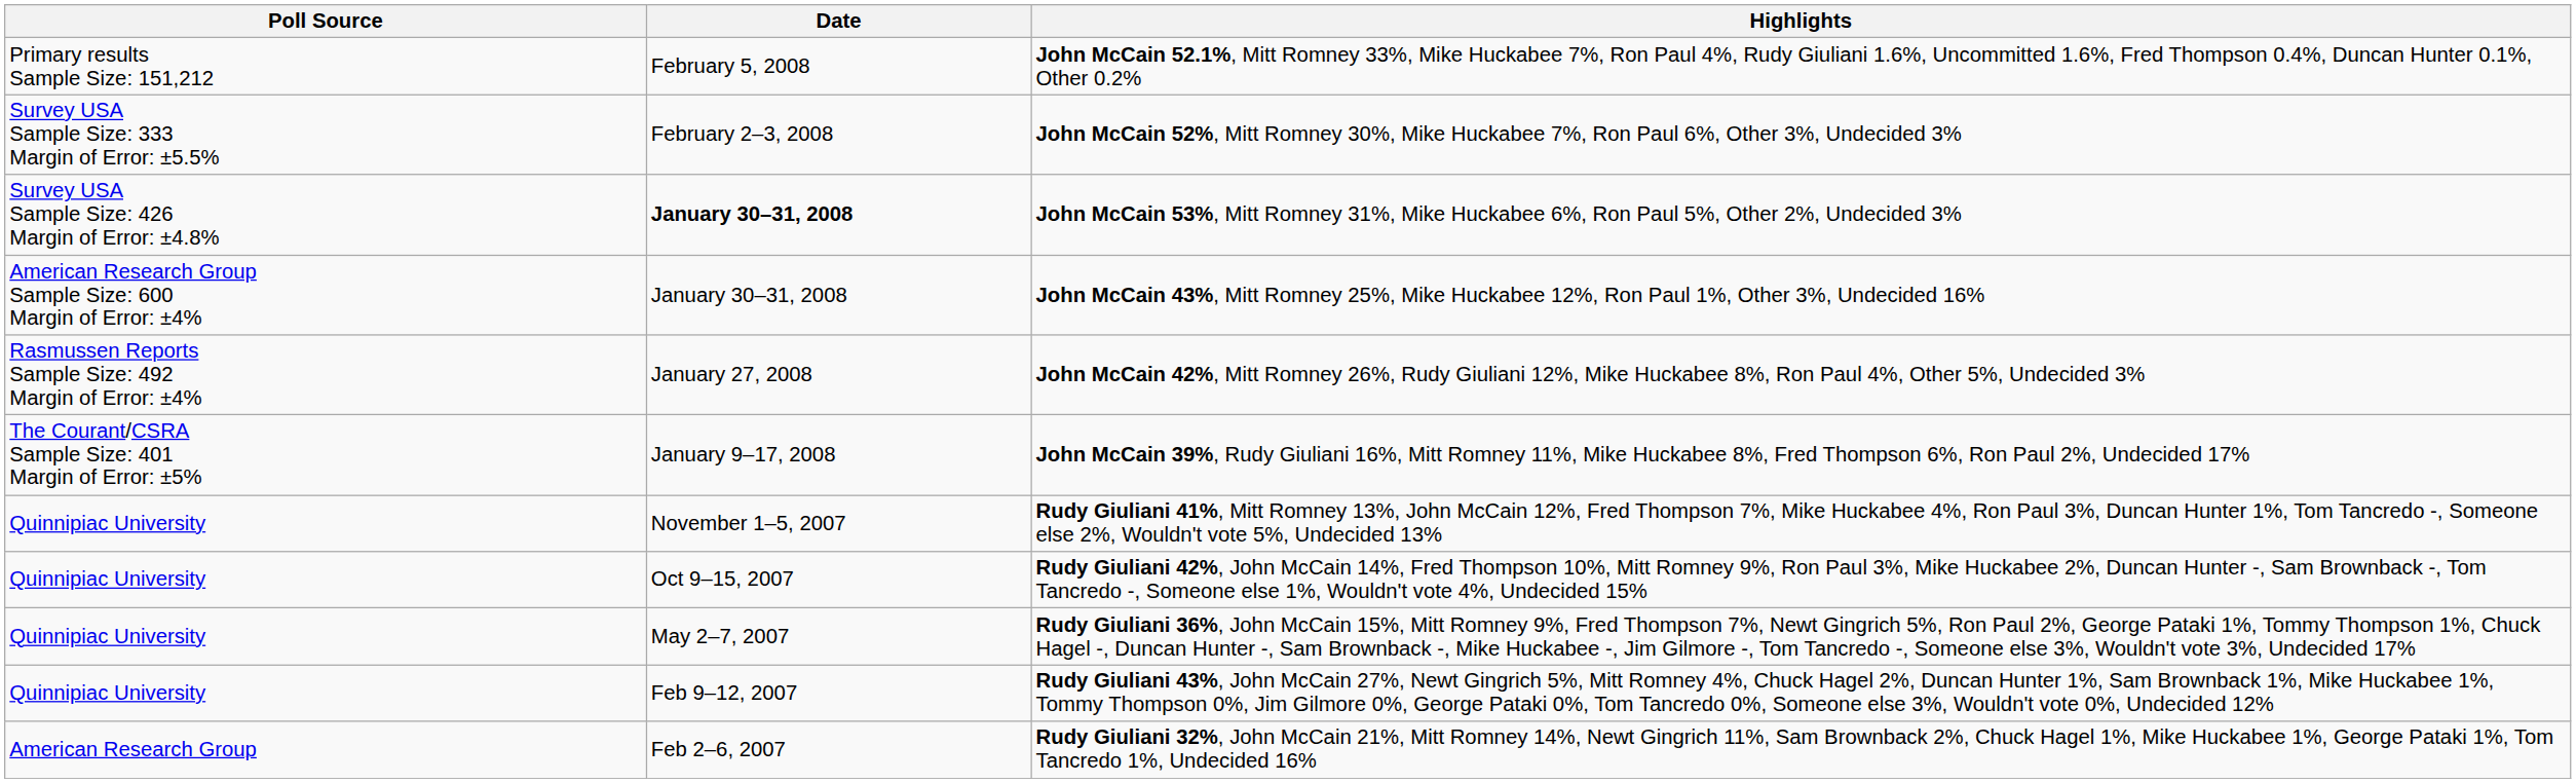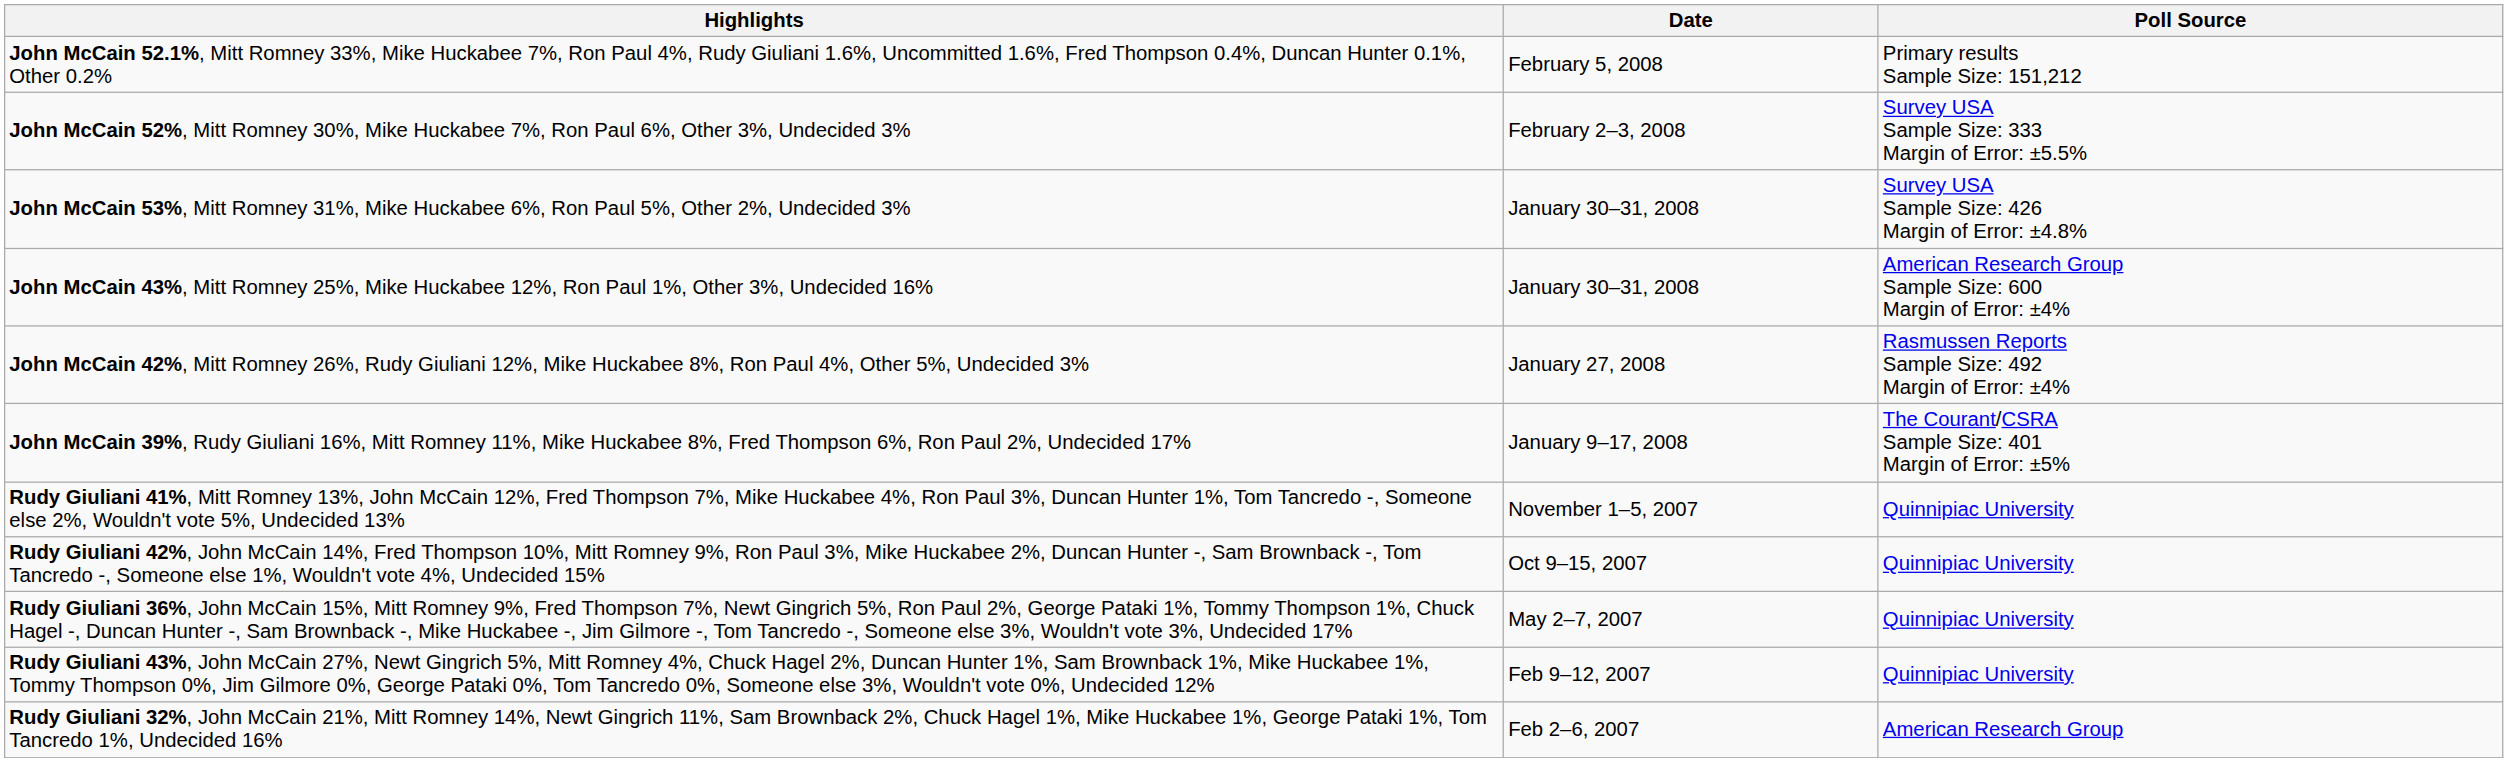 <table class="wikitable sortable">
 <tr>
+<th width="60%">Highlights</th>
+<th width="15%">Date</th>
 <th width="25%">Poll Source</th>
-<th width="15%">Date</th>
-<th width="60%">Highlights</th>
 </tr>
 <tr>
+<td><strong>John McCain 52.1%</strong>, Mitt Romney 33%, Mike Huckabee 7%, Ron Paul 4%, Rudy Giuliani 1.6%, Uncommitted 1.6%, Fred Thompson 0.4%, Duncan Hunter 0.1%, Other 0.2%</td>
+<td>February 5, 2008</td>
 <td>Primary results<br>Sample Size: 151,212</td>
-<td>February 5, 2008</td>
-<td><strong>John McCain 52.1%</strong>, Mitt Romney 33%, Mike Huckabee 7%, Ron Paul 4%, Rudy Giuliani 1.6%, Uncommitted 1.6%, Fred Thompson 0.4%, Duncan Hunter 0.1%, Other 0.2%</td>
 </tr>
 <tr>
+<td><strong>John McCain 52%</strong>, Mitt Romney 30%, Mike Huckabee 7%, Ron Paul 6%, Other 3%, Undecided 3%</td>
+<td>February 2–3, 2008</td>
 <td><a href='#'>Survey USA</a><br>Sample Size: 333<br>Margin of Error: ±5.5%</td>
-<td>February 2–3, 2008</td>
-<td><strong>John McCain 52%</strong>, Mitt Romney 30%, Mike Huckabee 7%, Ron Paul 6%, Other 3%, Undecided 3%</td>
 </tr>
 <tr>
+<td><strong>John McCain 53%</strong>, Mitt Romney 31%, Mike Huckabee 6%, Ron Paul 5%, Other 2%, Undecided 3%</td>
+<td>January 30–31, 2008</td>
 <td><a href='#'>Survey USA</a><br>Sample Size: 426<br> Margin of Error: ±4.8%</td>
-<td><strong>January 30–31, 2008</strong></td>
-<td><strong>John McCain 53%</strong>, Mitt Romney 31%, Mike Huckabee 6%, Ron Paul 5%, Other 2%, Undecided 3%</td>
 </tr>
 <tr>
+<td><strong>John McCain 43%</strong>, Mitt Romney 25%, Mike Huckabee 12%, Ron Paul 1%, Other 3%, Undecided 16%</td>
+<td>January 30–31, 2008</td>
 <td><a href='#'>American Research Group</a><br>Sample Size: 600<br> Margin of Error: ±4%</td>
-<td>January 30–31, 2008</td>
-<td><strong>John McCain 43%</strong>, Mitt Romney 25%, Mike Huckabee 12%, Ron Paul 1%, Other 3%, Undecided 16%</td>
 </tr>
 <tr>
+<td><strong>John McCain 42%</strong>, Mitt Romney 26%, Rudy Giuliani 12%, Mike Huckabee 8%, Ron Paul 4%, Other 5%, Undecided 3%</td>
+<td>January 27, 2008</td>
 <td><a href='#'>Rasmussen Reports</a><br>Sample Size: 492<br> Margin of Error: ±4%</td>
-<td>January 27, 2008</td>
-<td><strong>John McCain 42%</strong>, Mitt Romney 26%, Rudy Giuliani 12%, Mike Huckabee 8%, Ron Paul 4%, Other 5%, Undecided 3%</td>
 </tr>
 <tr>
+<td><strong>John McCain 39%</strong>, Rudy Giuliani 16%, Mitt Romney 11%, Mike Huckabee 8%, Fred Thompson 6%, Ron Paul 2%, Undecided 17%</td>
+<td>January 9–17, 2008</td>
 <td><a href='#'>The Courant</a>/<a href='#'>CSRA</a><br>Sample Size: 401<br> Margin of Error: ±5%</td>
-<td>January 9–17, 2008</td>
-<td><strong>John McCain 39%</strong>, Rudy Giuliani 16%, Mitt Romney 11%, Mike Huckabee 8%, Fred Thompson 6%, Ron Paul 2%, Undecided 17%</td>
 </tr>
 <tr>
+<td><strong>Rudy Giuliani 41%</strong>, Mitt Romney 13%, John McCain 12%, Fred Thompson 7%, Mike Huckabee 4%, Ron Paul 3%, Duncan Hunter 1%, Tom Tancredo -, Someone else 2%, Wouldn't vote 5%, Undecided 13%</td>
+<td>November 1–5, 2007</td>
 <td><a href='#'>Quinnipiac University</a></td>
-<td>November 1–5, 2007</td>
-<td><strong>Rudy Giuliani 41%</strong>, Mitt Romney 13%, John McCain 12%, Fred Thompson 7%, Mike Huckabee 4%, Ron Paul 3%, Duncan Hunter 1%, Tom Tancredo -, Someone else 2%, Wouldn't vote 5%, Undecided 13%</td>
 </tr>
 <tr>
+<td><strong>Rudy Giuliani 42%</strong>, John McCain 14%, Fred Thompson 10%, Mitt Romney 9%, Ron Paul 3%, Mike Huckabee 2%, Duncan Hunter -, Sam Brownback -, Tom Tancredo -, Someone else 1%, Wouldn't vote 4%, Undecided 15%</td>
+<td>Oct 9–15, 2007</td>
 <td><a href='#'>Quinnipiac University</a></td>
-<td>Oct 9–15, 2007</td>
-<td><strong>Rudy Giuliani 42%</strong>, John McCain 14%, Fred Thompson 10%, Mitt Romney 9%, Ron Paul 3%, Mike Huckabee 2%, Duncan Hunter -, Sam Brownback -, Tom Tancredo -, Someone else 1%, Wouldn't vote 4%, Undecided 15%</td>
 </tr>
 <tr>
+<td><strong>Rudy Giuliani 36%</strong>, John McCain 15%, Mitt Romney 9%, Fred Thompson 7%, Newt Gingrich 5%, Ron Paul 2%, George Pataki 1%, Tommy Thompson 1%, Chuck Hagel -, Duncan Hunter -, Sam Brownback -, Mike Huckabee -, Jim Gilmore -, Tom Tancredo -, Someone else 3%, Wouldn't vote 3%, Undecided 17%</td>
+<td>May 2–7, 2007</td>
 <td><a href='#'>Quinnipiac University</a></td>
-<td>May 2–7, 2007</td>
-<td><strong>Rudy Giuliani 36%</strong>, John McCain 15%, Mitt Romney 9%, Fred Thompson 7%, Newt Gingrich 5%, Ron Paul 2%, George Pataki 1%, Tommy Thompson 1%, Chuck Hagel -, Duncan Hunter -, Sam Brownback -, Mike Huckabee -, Jim Gilmore -, Tom Tancredo -, Someone else 3%, Wouldn't vote 3%, Undecided 17%</td>
 </tr>
 <tr>
+<td><strong>Rudy Giuliani 43%</strong>, John McCain 27%, Newt Gingrich 5%, Mitt Romney 4%, Chuck Hagel 2%, Duncan Hunter 1%, Sam Brownback 1%, Mike Huckabee 1%, Tommy Thompson 0%, Jim Gilmore 0%, George Pataki 0%, Tom Tancredo 0%, Someone else 3%, Wouldn't vote 0%, Undecided 12%</td>
+<td>Feb 9–12, 2007</td>
 <td><a href='#'>Quinnipiac University</a></td>
-<td>Feb 9–12, 2007</td>
-<td><strong>Rudy Giuliani 43%</strong>, John McCain 27%, Newt Gingrich 5%, Mitt Romney 4%, Chuck Hagel 2%, Duncan Hunter 1%, Sam Brownback 1%, Mike Huckabee 1%, Tommy Thompson 0%, Jim Gilmore 0%, George Pataki 0%, Tom Tancredo 0%, Someone else 3%, Wouldn't vote 0%, Undecided 12%</td>
 </tr>
 <tr>
+<td><strong>Rudy Giuliani 32%</strong>, John McCain 21%, Mitt Romney 14%, Newt Gingrich 11%, Sam Brownback 2%, Chuck Hagel 1%, Mike Huckabee 1%, George Pataki 1%, Tom Tancredo 1%, Undecided 16%</td>
+<td>Feb 2–6, 2007</td>
 <td><a href='#'>American Research Group</a></td>
-<td>Feb 2–6, 2007</td>
-<td><strong>Rudy Giuliani 32%</strong>, John McCain 21%, Mitt Romney 14%, Newt Gingrich 11%, Sam Brownback 2%, Chuck Hagel 1%, Mike Huckabee 1%, George Pataki 1%, Tom Tancredo 1%, Undecided 16%</td>
 </tr>
 </table>
